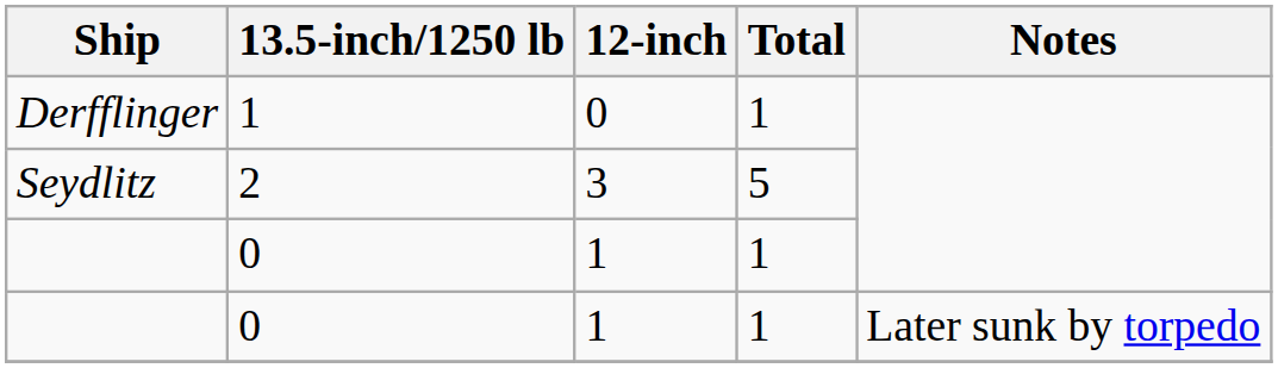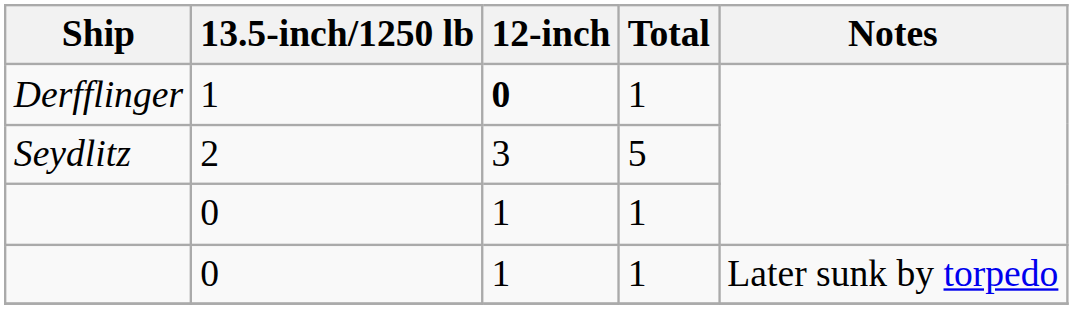 <table class="wikitable">
 <tr>
 <th>Ship</th>
 <th>13.5-inch/1250 lb</th>
 <th>12-inch</th>
 <th>Total</th>
 <th>Notes</th>
 </tr>
 <tr>
 <td><em>Derfflinger</em></td>
 <td>1</td>
-<td>0</td>
+<td><strong>0</strong></td>
 <td>1</td>
 </tr>
 <tr>
 <td><em>Seydlitz</em></td>
 <td>2</td>
 <td>3</td>
 <td>5</td>
 </tr>
 <tr>
 <td></td>
 <td>0</td>
 <td>1</td>
 <td>1</td>
 </tr>
 <tr>
 <td></td>
 <td>0</td>
 <td>1</td>
 <td>1</td>
 <td>Later sunk by <a href='#'>torpedo</a></td>
 </tr>
 <tr>
 </tr>
 </table>
